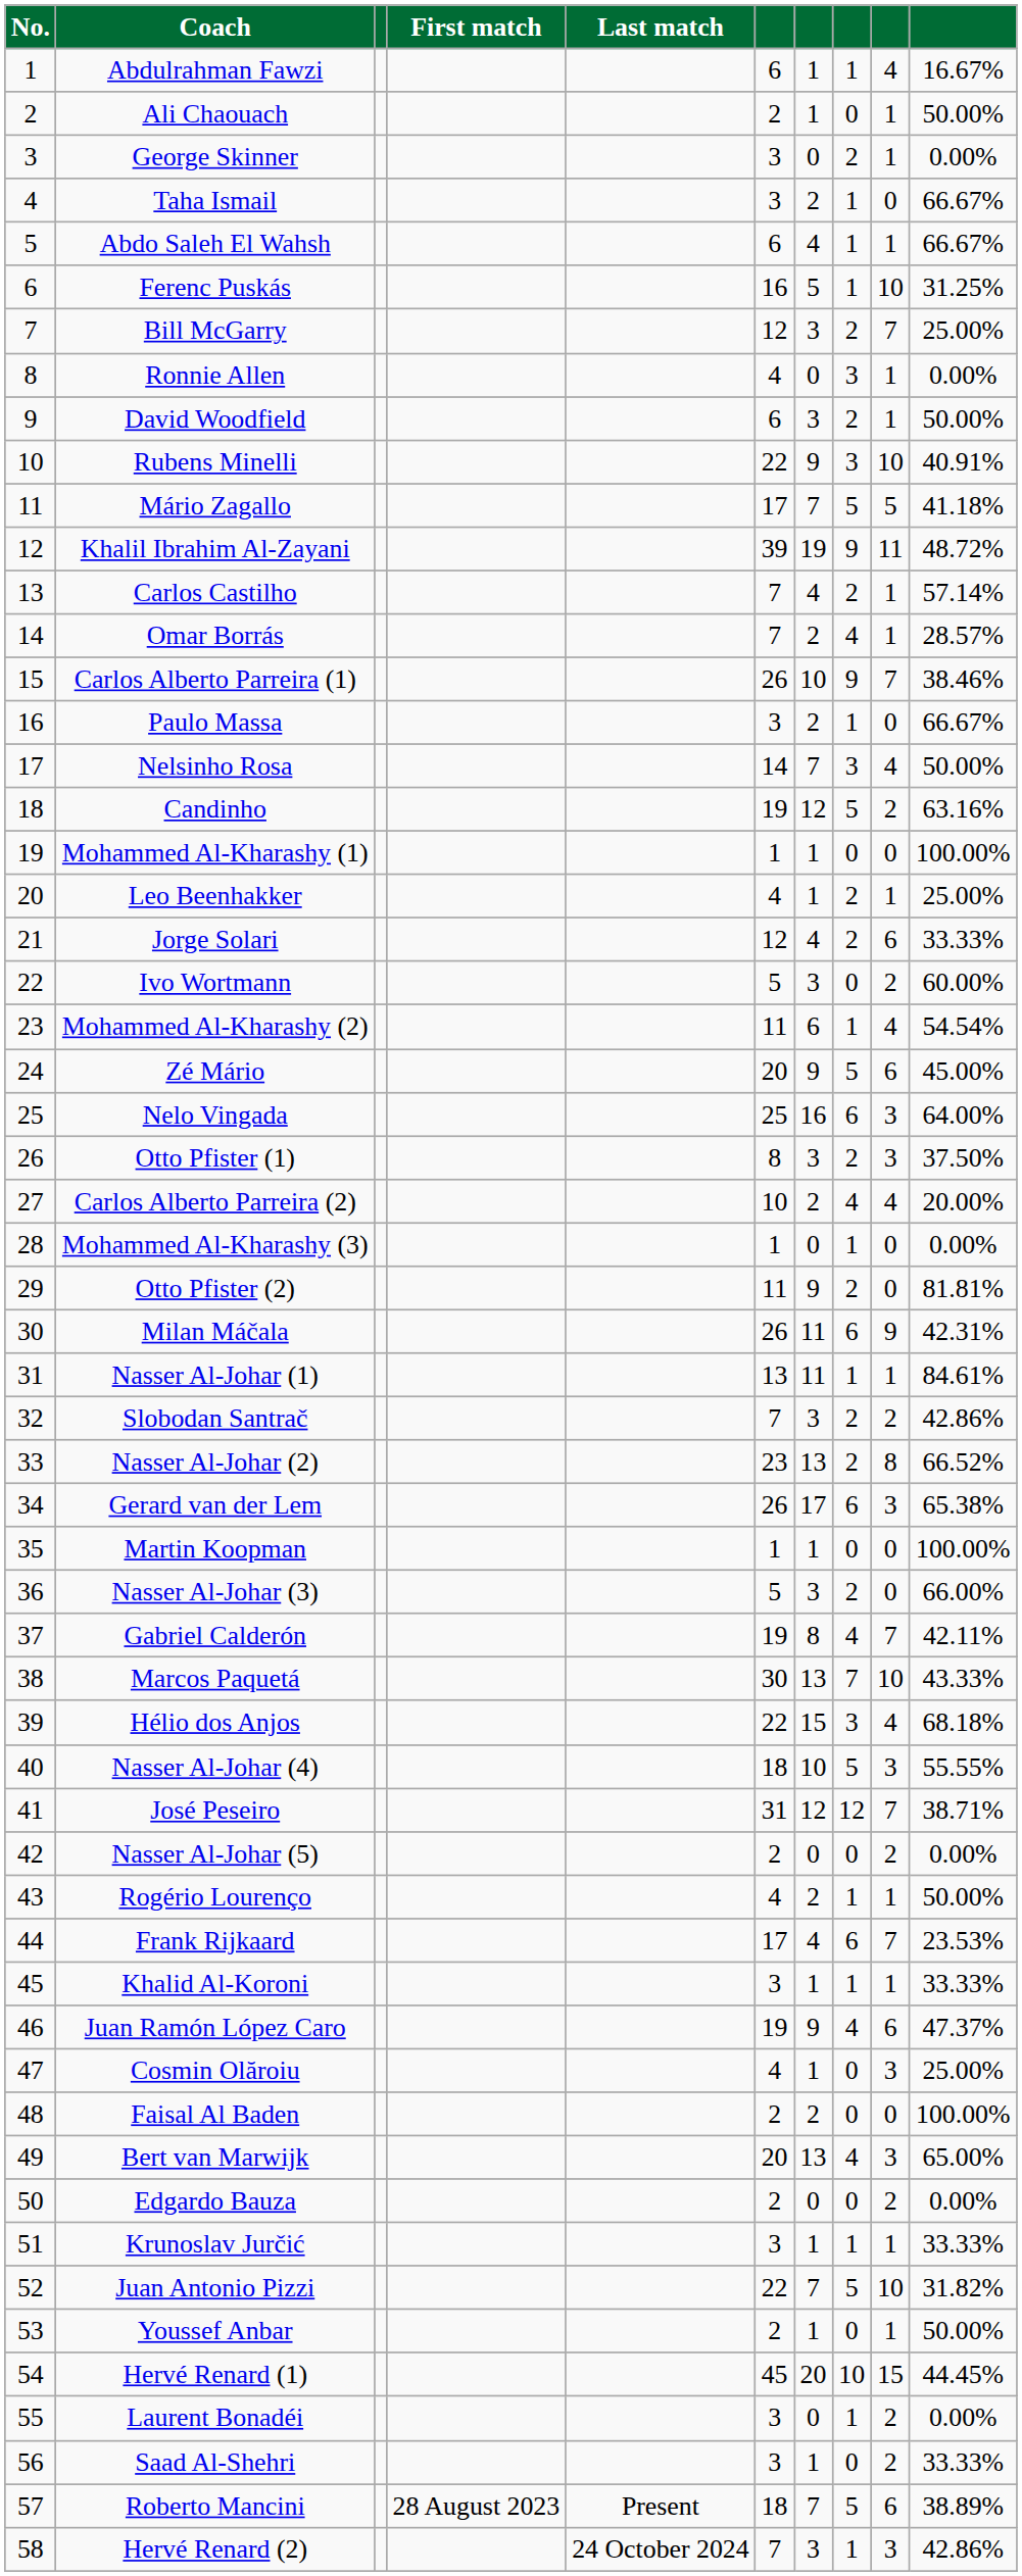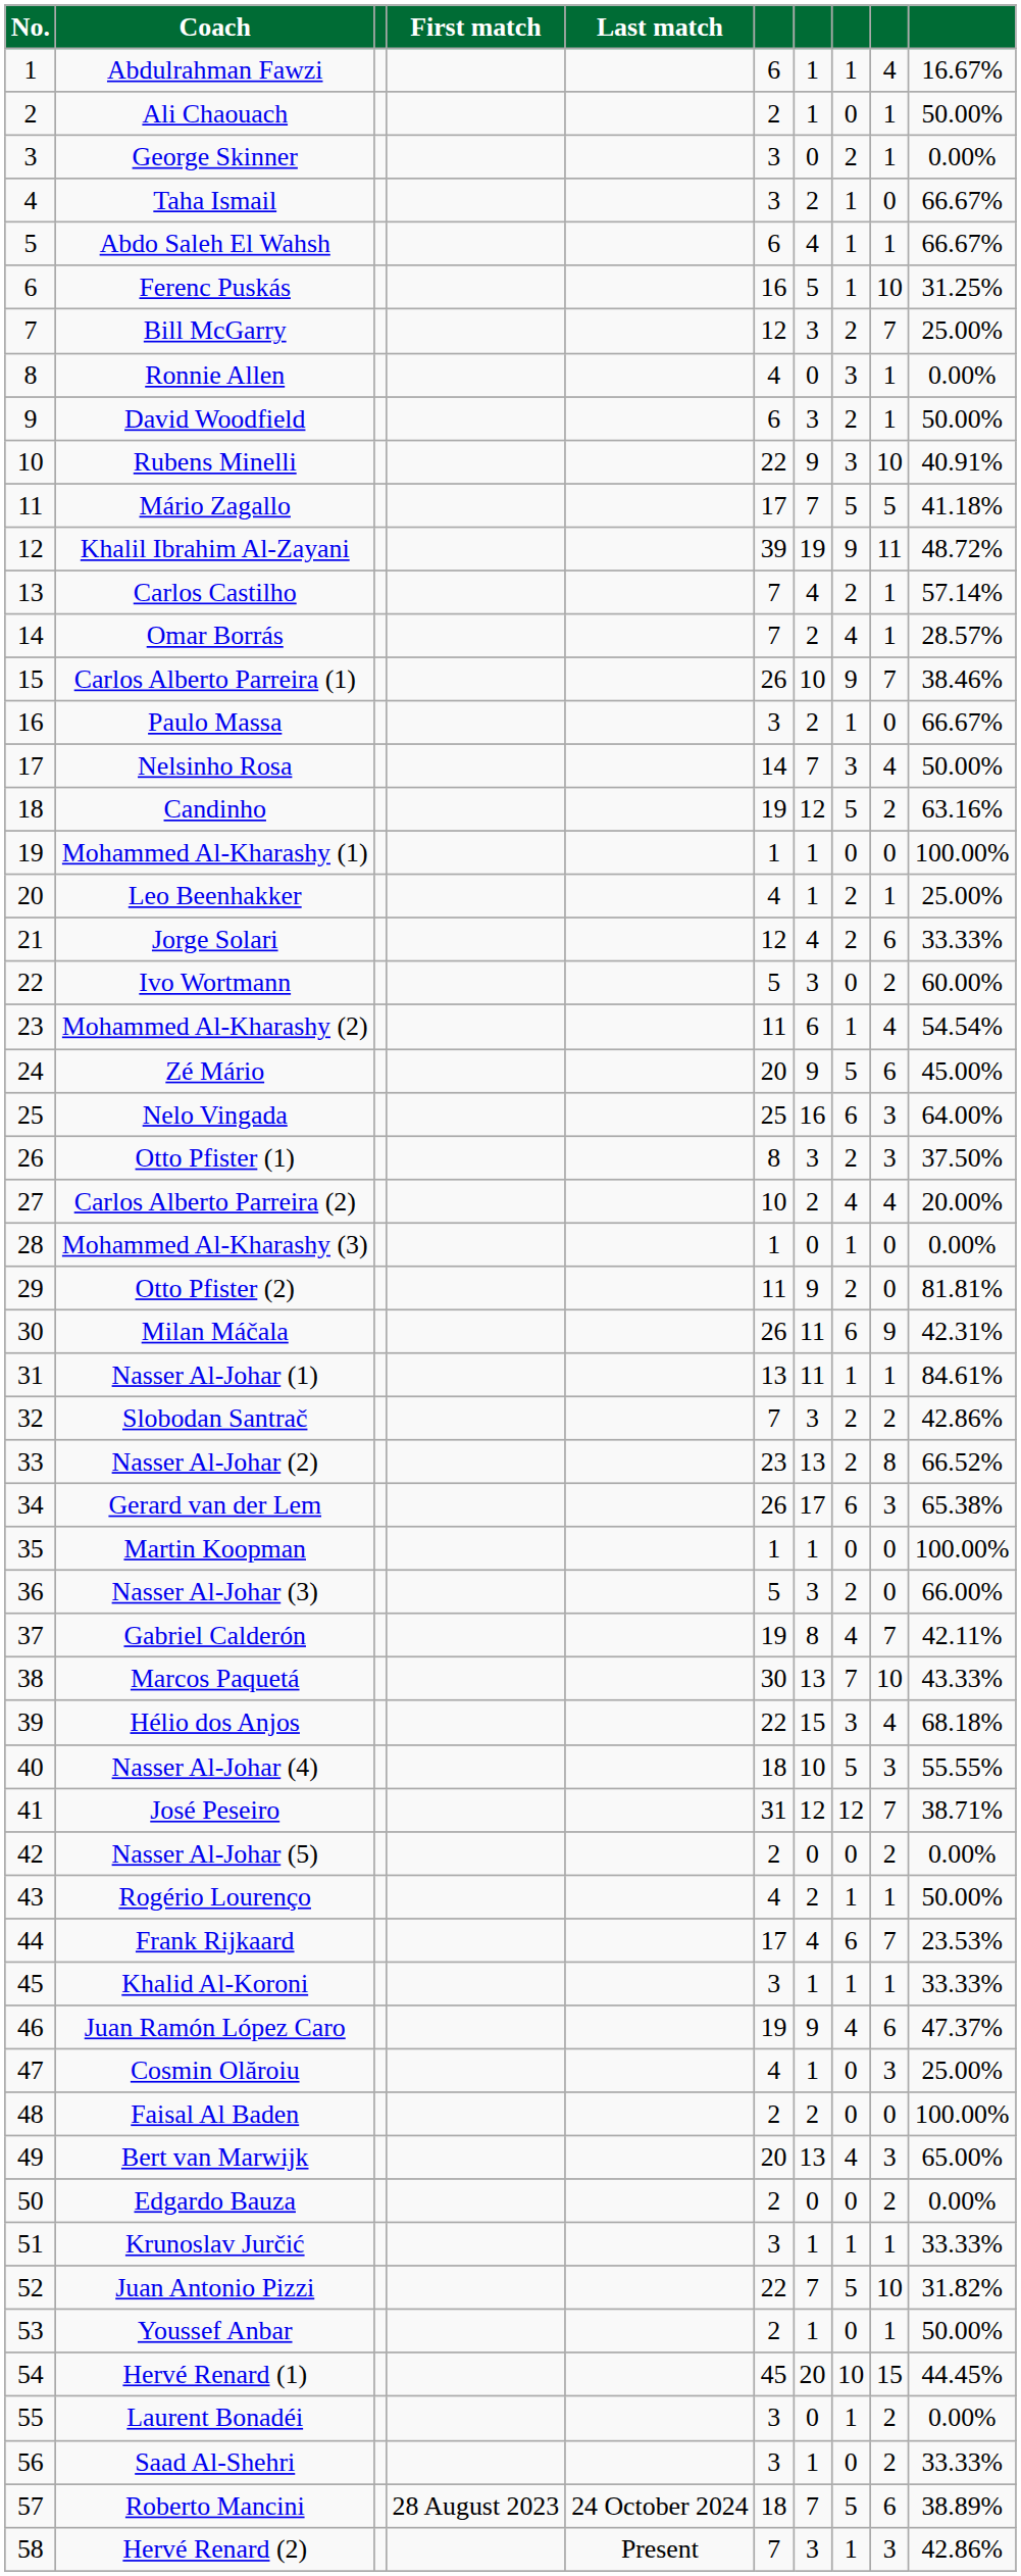 <table class="wikitable collapsible" style="text-align:center; font-size: 95%; border: 1px; text-align: middle; width=100%">
 <tr>
 <th style="background:#006C35; color:white; ">No.</th>
 <th style="background:#006C35; color:white; ">Coach</th>
 <th style="background:#006C35; color:white; "></th>
 <th style="background:#006C35; color:white; ">First match</th>
 <th style="background:#006C35; color:white; ">Last match</th>
 <th style="background:#006C35; color:white; "></th>
 <th style="background:#006C35; color:white; "></th>
 <th style="background:#006C35; color:white; "></th>
 <th style="background:#006C35; color:white; "></th>
 <th style="background:#006C35; color:white; "></th>
 </tr>
 <tr align="center">
 <td>1</td>
 <td><a href='#'>Abdulrahman Fawzi</a></td>
 <td></td>
 <td></td>
 <td></td>
 <td>6</td>
 <td>1</td>
 <td>1</td>
 <td>4</td>
 <td>16.67%</td>
 </tr>
 <tr align="center">
 <td>2</td>
 <td><a href='#'>Ali Chaouach</a></td>
 <td></td>
 <td></td>
 <td></td>
 <td>2</td>
 <td>1</td>
 <td>0</td>
 <td>1</td>
 <td>50.00%</td>
 </tr>
 <tr align="center">
 <td>3</td>
 <td><a href='#'>George Skinner</a></td>
 <td></td>
 <td></td>
 <td></td>
 <td>3</td>
 <td>0</td>
 <td>2</td>
 <td>1</td>
 <td>0.00%</td>
 </tr>
 <tr align="center">
 <td>4</td>
 <td><a href='#'>Taha Ismail</a></td>
 <td></td>
 <td></td>
 <td></td>
 <td>3</td>
 <td>2</td>
 <td>1</td>
 <td>0</td>
 <td>66.67%</td>
 </tr>
 <tr align="center">
 <td>5</td>
 <td><a href='#'>Abdo Saleh El Wahsh</a></td>
 <td></td>
 <td></td>
 <td></td>
 <td>6</td>
 <td>4</td>
 <td>1</td>
 <td>1</td>
 <td>66.67%</td>
 </tr>
 <tr align="center">
 <td>6</td>
 <td><a href='#'>Ferenc Puskás</a></td>
 <td></td>
 <td></td>
 <td></td>
 <td>16</td>
 <td>5</td>
 <td>1</td>
 <td>10</td>
 <td>31.25%</td>
 </tr>
 <tr align="center">
 <td>7</td>
 <td><a href='#'>Bill McGarry</a></td>
 <td></td>
 <td></td>
 <td></td>
 <td>12</td>
 <td>3</td>
 <td>2</td>
 <td>7</td>
 <td>25.00%</td>
 </tr>
 <tr align="center">
 <td>8</td>
 <td><a href='#'>Ronnie Allen</a></td>
 <td></td>
 <td></td>
 <td></td>
 <td>4</td>
 <td>0</td>
 <td>3</td>
 <td>1</td>
 <td>0.00%</td>
 </tr>
 <tr align="center">
 <td>9</td>
 <td><a href='#'>David Woodfield</a></td>
 <td></td>
 <td></td>
 <td></td>
 <td>6</td>
 <td>3</td>
 <td>2</td>
 <td>1</td>
 <td>50.00%</td>
 </tr>
 <tr align="center">
 <td>10</td>
 <td><a href='#'>Rubens Minelli</a></td>
 <td></td>
 <td></td>
 <td></td>
 <td>22</td>
 <td>9</td>
 <td>3</td>
 <td>10</td>
 <td>40.91%</td>
 </tr>
 <tr align="center">
 <td>11</td>
 <td><a href='#'>Mário Zagallo</a></td>
 <td></td>
 <td></td>
 <td></td>
 <td>17</td>
 <td>7</td>
 <td>5</td>
 <td>5</td>
 <td>41.18%</td>
 </tr>
 <tr align="center">
 <td>12</td>
 <td><a href='#'>Khalil Ibrahim Al-Zayani</a></td>
 <td></td>
 <td></td>
 <td></td>
 <td>39</td>
 <td>19</td>
 <td>9</td>
 <td>11</td>
 <td>48.72%</td>
 </tr>
 <tr align="center">
 <td>13</td>
 <td><a href='#'>Carlos Castilho</a></td>
 <td></td>
 <td></td>
 <td></td>
 <td>7</td>
 <td>4</td>
 <td>2</td>
 <td>1</td>
 <td>57.14%</td>
 </tr>
 <tr align="center">
 <td>14</td>
 <td><a href='#'>Omar Borrás</a></td>
 <td></td>
 <td></td>
 <td></td>
 <td>7</td>
 <td>2</td>
 <td>4</td>
 <td>1</td>
 <td>28.57%</td>
 </tr>
 <tr align="center">
 <td>15</td>
 <td><a href='#'>Carlos Alberto Parreira</a> (1)</td>
 <td></td>
 <td></td>
 <td></td>
 <td>26</td>
 <td>10</td>
 <td>9</td>
 <td>7</td>
 <td>38.46%</td>
 </tr>
 <tr align="center">
 <td>16</td>
 <td><a href='#'>Paulo Massa</a></td>
 <td></td>
 <td></td>
 <td></td>
 <td>3</td>
 <td>2</td>
 <td>1</td>
 <td>0</td>
 <td>66.67%</td>
 </tr>
 <tr align="center">
 <td>17</td>
 <td><a href='#'>Nelsinho Rosa</a></td>
 <td></td>
 <td></td>
 <td></td>
 <td>14</td>
 <td>7</td>
 <td>3</td>
 <td>4</td>
 <td>50.00%</td>
 </tr>
 <tr align="center">
 <td>18</td>
 <td><a href='#'>Candinho</a></td>
 <td></td>
 <td></td>
 <td></td>
 <td>19</td>
 <td>12</td>
 <td>5</td>
 <td>2</td>
 <td>63.16%</td>
 </tr>
 <tr align="center">
 <td>19</td>
 <td><a href='#'>Mohammed Al-Kharashy</a> (1)</td>
 <td></td>
 <td></td>
 <td></td>
 <td>1</td>
 <td>1</td>
 <td>0</td>
 <td>0</td>
 <td>100.00%</td>
 </tr>
 <tr align="center">
 <td>20</td>
 <td><a href='#'>Leo Beenhakker</a></td>
 <td></td>
 <td></td>
 <td></td>
 <td>4</td>
 <td>1</td>
 <td>2</td>
 <td>1</td>
 <td>25.00%</td>
 </tr>
 <tr align="center">
 <td>21</td>
 <td><a href='#'>Jorge Solari</a></td>
 <td></td>
 <td></td>
 <td></td>
 <td>12</td>
 <td>4</td>
 <td>2</td>
 <td>6</td>
 <td>33.33%</td>
 </tr>
 <tr align="center">
 <td>22</td>
 <td><a href='#'>Ivo Wortmann</a></td>
 <td></td>
 <td></td>
 <td></td>
 <td>5</td>
 <td>3</td>
 <td>0</td>
 <td>2</td>
 <td>60.00%</td>
 </tr>
 <tr align="center">
 <td>23</td>
 <td><a href='#'>Mohammed Al-Kharashy</a> (2)</td>
 <td></td>
 <td></td>
 <td></td>
 <td>11</td>
 <td>6</td>
 <td>1</td>
 <td>4</td>
 <td>54.54%</td>
 </tr>
 <tr align="center">
 <td>24</td>
 <td><a href='#'>Zé Mário</a></td>
 <td></td>
 <td></td>
 <td></td>
 <td>20</td>
 <td>9</td>
 <td>5</td>
 <td>6</td>
 <td>45.00%</td>
 </tr>
 <tr align="center">
 <td>25</td>
 <td><a href='#'>Nelo Vingada</a></td>
 <td></td>
 <td></td>
 <td></td>
 <td>25</td>
 <td>16</td>
 <td>6</td>
 <td>3</td>
 <td>64.00%</td>
 </tr>
 <tr align="center">
 <td>26</td>
 <td><a href='#'>Otto Pfister</a> (1)</td>
 <td></td>
 <td></td>
 <td></td>
 <td>8</td>
 <td>3</td>
 <td>2</td>
 <td>3</td>
 <td>37.50%</td>
 </tr>
 <tr align="center">
 <td>27</td>
 <td><a href='#'>Carlos Alberto Parreira</a> (2)</td>
 <td></td>
 <td></td>
 <td></td>
 <td>10</td>
 <td>2</td>
 <td>4</td>
 <td>4</td>
 <td>20.00%</td>
 </tr>
 <tr align="center">
 <td>28</td>
 <td><a href='#'>Mohammed Al-Kharashy</a> (3)</td>
 <td></td>
 <td></td>
 <td></td>
 <td>1</td>
 <td>0</td>
 <td>1</td>
 <td>0</td>
 <td>0.00%</td>
 </tr>
 <tr align="center">
 <td>29</td>
 <td><a href='#'>Otto Pfister</a> (2)</td>
 <td></td>
 <td></td>
 <td></td>
 <td>11</td>
 <td>9</td>
 <td>2</td>
 <td>0</td>
 <td>81.81%</td>
 </tr>
 <tr align="center">
 <td>30</td>
 <td><a href='#'>Milan Máčala</a></td>
 <td></td>
 <td></td>
 <td></td>
 <td>26</td>
 <td>11</td>
 <td>6</td>
 <td>9</td>
 <td>42.31%</td>
 </tr>
 <tr align="center">
 <td>31</td>
 <td><a href='#'>Nasser Al-Johar</a> (1)</td>
 <td></td>
 <td></td>
 <td></td>
 <td>13</td>
 <td>11</td>
 <td>1</td>
 <td>1</td>
 <td>84.61%</td>
 </tr>
 <tr align="center">
 <td>32</td>
 <td><a href='#'>Slobodan Santrač</a></td>
 <td></td>
 <td></td>
 <td></td>
 <td>7</td>
 <td>3</td>
 <td>2</td>
 <td>2</td>
 <td>42.86%</td>
 </tr>
 <tr align="center">
 <td>33</td>
 <td><a href='#'>Nasser Al-Johar</a> (2)</td>
 <td></td>
 <td></td>
 <td></td>
 <td>23</td>
 <td>13</td>
 <td>2</td>
 <td>8</td>
 <td>66.52%</td>
 </tr>
 <tr align="center">
 <td>34</td>
 <td><a href='#'>Gerard van der Lem</a></td>
 <td></td>
 <td></td>
 <td></td>
 <td>26</td>
 <td>17</td>
 <td>6</td>
 <td>3</td>
 <td>65.38%</td>
 </tr>
 <tr align="center">
 <td>35</td>
 <td><a href='#'>Martin Koopman</a></td>
 <td></td>
 <td></td>
 <td></td>
 <td>1</td>
 <td>1</td>
 <td>0</td>
 <td>0</td>
 <td>100.00%</td>
 </tr>
 <tr align="center">
 <td>36</td>
 <td><a href='#'>Nasser Al-Johar</a> (3)</td>
 <td></td>
 <td></td>
 <td></td>
 <td>5</td>
 <td>3</td>
 <td>2</td>
 <td>0</td>
 <td>66.00%</td>
 </tr>
 <tr align="center">
 <td>37</td>
 <td><a href='#'>Gabriel Calderón</a></td>
 <td></td>
 <td></td>
 <td></td>
 <td>19</td>
 <td>8</td>
 <td>4</td>
 <td>7</td>
 <td>42.11%</td>
 </tr>
 <tr align="center">
 <td>38</td>
 <td><a href='#'>Marcos Paquetá</a></td>
 <td></td>
 <td></td>
 <td></td>
 <td>30</td>
 <td>13</td>
 <td>7</td>
 <td>10</td>
 <td>43.33%</td>
 </tr>
 <tr align="center">
 <td>39</td>
 <td><a href='#'>Hélio dos Anjos</a></td>
 <td></td>
 <td></td>
 <td></td>
 <td>22</td>
 <td>15</td>
 <td>3</td>
 <td>4</td>
 <td>68.18%</td>
 </tr>
 <tr align="center">
 <td>40</td>
 <td><a href='#'>Nasser Al-Johar</a> (4)</td>
 <td></td>
 <td></td>
 <td></td>
 <td>18</td>
 <td>10</td>
 <td>5</td>
 <td>3</td>
 <td>55.55%</td>
 </tr>
 <tr align="center">
 <td>41</td>
 <td><a href='#'>José Peseiro</a></td>
 <td></td>
 <td></td>
 <td></td>
 <td>31</td>
 <td>12</td>
 <td>12</td>
 <td>7</td>
 <td>38.71%</td>
 </tr>
 <tr align="center">
 <td>42</td>
 <td><a href='#'>Nasser Al-Johar</a> (5)</td>
 <td></td>
 <td></td>
 <td></td>
 <td>2</td>
 <td>0</td>
 <td>0</td>
 <td>2</td>
 <td>0.00%</td>
 </tr>
 <tr align="center">
 <td>43</td>
 <td><a href='#'>Rogério Lourenço</a></td>
 <td></td>
 <td></td>
 <td></td>
 <td>4</td>
 <td>2</td>
 <td>1</td>
 <td>1</td>
 <td>50.00%</td>
 </tr>
 <tr align="center">
 <td>44</td>
 <td><a href='#'>Frank Rijkaard</a></td>
 <td></td>
 <td></td>
 <td></td>
 <td>17</td>
 <td>4</td>
 <td>6</td>
 <td>7</td>
 <td>23.53%</td>
 </tr>
 <tr align="center">
 <td>45</td>
 <td><a href='#'>Khalid Al-Koroni</a></td>
 <td></td>
 <td></td>
 <td></td>
 <td>3</td>
 <td>1</td>
 <td>1</td>
 <td>1</td>
 <td>33.33%</td>
 </tr>
 <tr align="center">
 <td>46</td>
 <td><a href='#'>Juan Ramón López Caro</a></td>
 <td></td>
 <td></td>
 <td></td>
 <td>19</td>
 <td>9</td>
 <td>4</td>
 <td>6</td>
 <td>47.37%</td>
 </tr>
 <tr align="center">
 <td>47</td>
 <td><a href='#'>Cosmin Olăroiu</a></td>
 <td></td>
 <td></td>
 <td></td>
 <td>4</td>
 <td>1</td>
 <td>0</td>
 <td>3</td>
 <td>25.00%</td>
 </tr>
 <tr align="center">
 <td>48</td>
 <td><a href='#'>Faisal Al Baden</a></td>
 <td></td>
 <td></td>
 <td></td>
 <td>2</td>
 <td>2</td>
 <td>0</td>
 <td>0</td>
 <td>100.00%</td>
 </tr>
 <tr align="center">
 <td>49</td>
 <td><a href='#'>Bert van Marwijk</a></td>
 <td></td>
 <td></td>
 <td></td>
 <td>20</td>
 <td>13</td>
 <td>4</td>
 <td>3</td>
 <td>65.00%</td>
 </tr>
 <tr align="center">
 <td>50</td>
 <td><a href='#'>Edgardo Bauza</a></td>
 <td></td>
 <td></td>
 <td></td>
 <td>2</td>
 <td>0</td>
 <td>0</td>
 <td>2</td>
 <td>0.00%</td>
 </tr>
 <tr align="center">
 <td>51</td>
 <td><a href='#'>Krunoslav Jurčić</a></td>
 <td></td>
 <td></td>
 <td></td>
 <td>3</td>
 <td>1</td>
 <td>1</td>
 <td>1</td>
 <td>33.33%</td>
 </tr>
 <tr align="center">
 <td>52</td>
 <td><a href='#'>Juan Antonio Pizzi</a></td>
 <td><br></td>
 <td></td>
 <td></td>
 <td>22</td>
 <td>7</td>
 <td>5</td>
 <td>10</td>
 <td>31.82%</td>
 </tr>
 <tr align="center">
 <td>53</td>
 <td><a href='#'>Youssef Anbar</a></td>
 <td></td>
 <td></td>
 <td></td>
 <td>2</td>
 <td>1</td>
 <td>0</td>
 <td>1</td>
 <td>50.00%</td>
 </tr>
 <tr align="center">
 <td>54</td>
 <td><a href='#'>Hervé Renard</a> (1)</td>
 <td></td>
 <td></td>
 <td></td>
 <td>45</td>
 <td>20</td>
 <td>10</td>
 <td>15</td>
 <td>44.45%</td>
 </tr>
 <tr align="center">
 <td>55</td>
 <td><a href='#'>Laurent Bonadéi</a></td>
 <td></td>
 <td></td>
 <td></td>
 <td>3</td>
 <td>0</td>
 <td>1</td>
 <td>2</td>
 <td>0.00%</td>
 </tr>
 <tr>
 <td>56</td>
 <td><a href='#'>Saad Al-Shehri</a></td>
 <td></td>
 <td></td>
 <td></td>
 <td>3</td>
 <td>1</td>
 <td>0</td>
 <td>2</td>
 <td>33.33%</td>
 </tr>
 <tr align="center">
 <td>57</td>
 <td><a href='#'>Roberto Mancini</a></td>
 <td></td>
 <td>28 August 2023</td>
-<td>Present</td>
+<td>24 October 2024</td>
 <td>18</td>
 <td>7</td>
 <td>5</td>
 <td>6</td>
 <td>38.89%</td>
 </tr>
 <tr align="center">
 <td>58</td>
 <td><a href='#'>Hervé Renard</a> (2)</td>
 <td></td>
 <td></td>
-<td>24 October 2024</td>
+<td>Present</td>
 <td>7</td>
 <td>3</td>
 <td>1</td>
 <td>3</td>
 <td>42.86%</td>
 </tr>
 </table>
